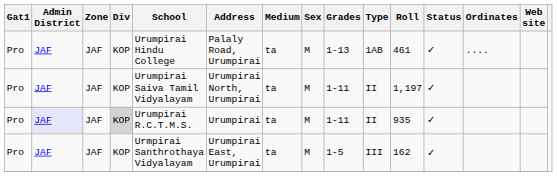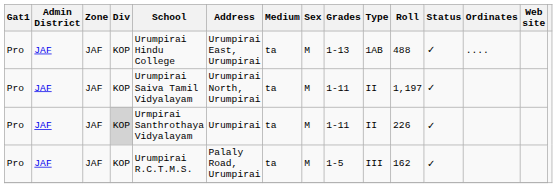 <table class="wikitable">
 <tr>
 <th>Gat1</th>
 <th>Admin District</th>
 <th>Zone</th>
 <th>Div</th>
 <th>School</th>
 <th>Address</th>
 <th>Medium</th>
 <th>Sex</th>
 <th>Grades</th>
 <th>Type</th>
 <th>Roll</th>
 <th>Status</th>
 <th>Ordinates</th>
 <th>Web site</th>
 <th></th>
 </tr>
 <tr>
 <td>Pro</td>
 <td><a href='#'>JAF</a></td>
 <td>JAF</td>
 <td>KOP</td>
 <td>Urumpirai Hindu College</td>
-<td>Palaly Road, Urumpirai</td>
+<td>Urumpirai East, Urumpirai</td>
 <td>ta</td>
 <td>M</td>
 <td>1-13</td>
 <td>1AB</td>
-<td>461</td>
+<td>488</td>
 <td>✓</td>
 <td>....</td>
 <td></td>
 </tr>
 <tr>
 <td>Pro</td>
 <td><a href='#'>JAF</a></td>
 <td>JAF</td>
 <td>KOP</td>
 <td>Urumpirai Saiva Tamil Vidyalayam</td>
 <td>Urumpirai North, Urumpirai</td>
 <td>ta</td>
 <td>M</td>
 <td>1-11</td>
 <td>II</td>
 <td>1,197</td>
 <td>✓</td>
 <td></td>
 <td></td>
 </tr>
 <tr>
 <td>Pro</td>
-<td style="background: lavender;"><a href='#'>JAF</a></td>
+<td><a href='#'>JAF</a></td>
 <td>JAF</td>
 <td style="background: lightgrey;">KOP</td>
-<td>Urumpirai R.C.T.M.S.</td>
+<td>Urmpirai Santhrothaya Vidyalayam</td>
 <td>Urumpirai</td>
 <td>ta</td>
 <td>M</td>
 <td>1-11</td>
 <td>II</td>
-<td>935</td>
+<td>226</td>
 <td>✓</td>
 <td></td>
 <td></td>
 </tr>
 <tr>
 <td>Pro</td>
 <td><a href='#'>JAF</a></td>
 <td>JAF</td>
 <td>KOP</td>
-<td>Urmpirai Santhrothaya Vidyalayam</td>
-<td>Urumpirai East, Urumpirai</td>
+<td>Urumpirai R.C.T.M.S.</td>
+<td>Palaly Road, Urumpirai</td>
 <td>ta</td>
 <td>M</td>
 <td>1-5</td>
 <td>III</td>
 <td>162</td>
 <td>✓</td>
 <td></td>
 <td></td>
 </tr>
 <tr>
 </tr>
 </table>
